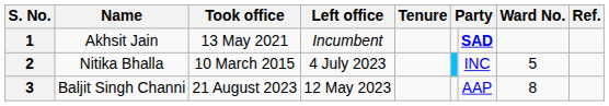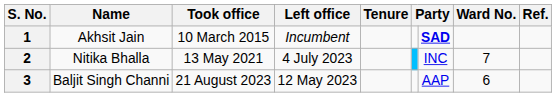 <table class="wikitable" style="text-align:center">
 <tr>
 <th>S. No.</th>
 <th>Name</th>
 <th>Took office</th>
 <th>Left office</th>
 <th>Tenure</th>
 <th colspan=2>Party</th>
 <th>Ward No.</th>
 <th>Ref.</th>
 </tr>
 <tr>
 <th>1</th>
 <td>Akhsit Jain</td>
-<td>13 May 2021</td>
+<td>10 March 2015</td>
 <td><em>Incumbent</em></td>
 <td></td>
 <td></td>
 <td><strong><a href='#'>SAD</a></strong></td>
 <td></td>
 <td></td>
 </tr>
 <tr>
 <th>2</th>
 <td>Nitika Bhalla</td>
-<td>10 March 2015</td>
+<td>13 May 2021</td>
 <td>4 July 2023</td>
 <td></td>
 <td bgcolor=#00BFFF></td>
 <td><a href='#'>INC</a></td>
-<td>5</td>
+<td>7</td>
 <td></td>
 </tr>
 <tr>
 <th>3</th>
 <td>Baljit Singh Channi</td>
 <td>21 August 2023</td>
 <td>12 May 2023</td>
 <td></td>
 <td></td>
 <td><a href='#'>AAP</a></td>
-<td>8</td>
+<td>6</td>
 <td></td>
 </tr>
 </table>
